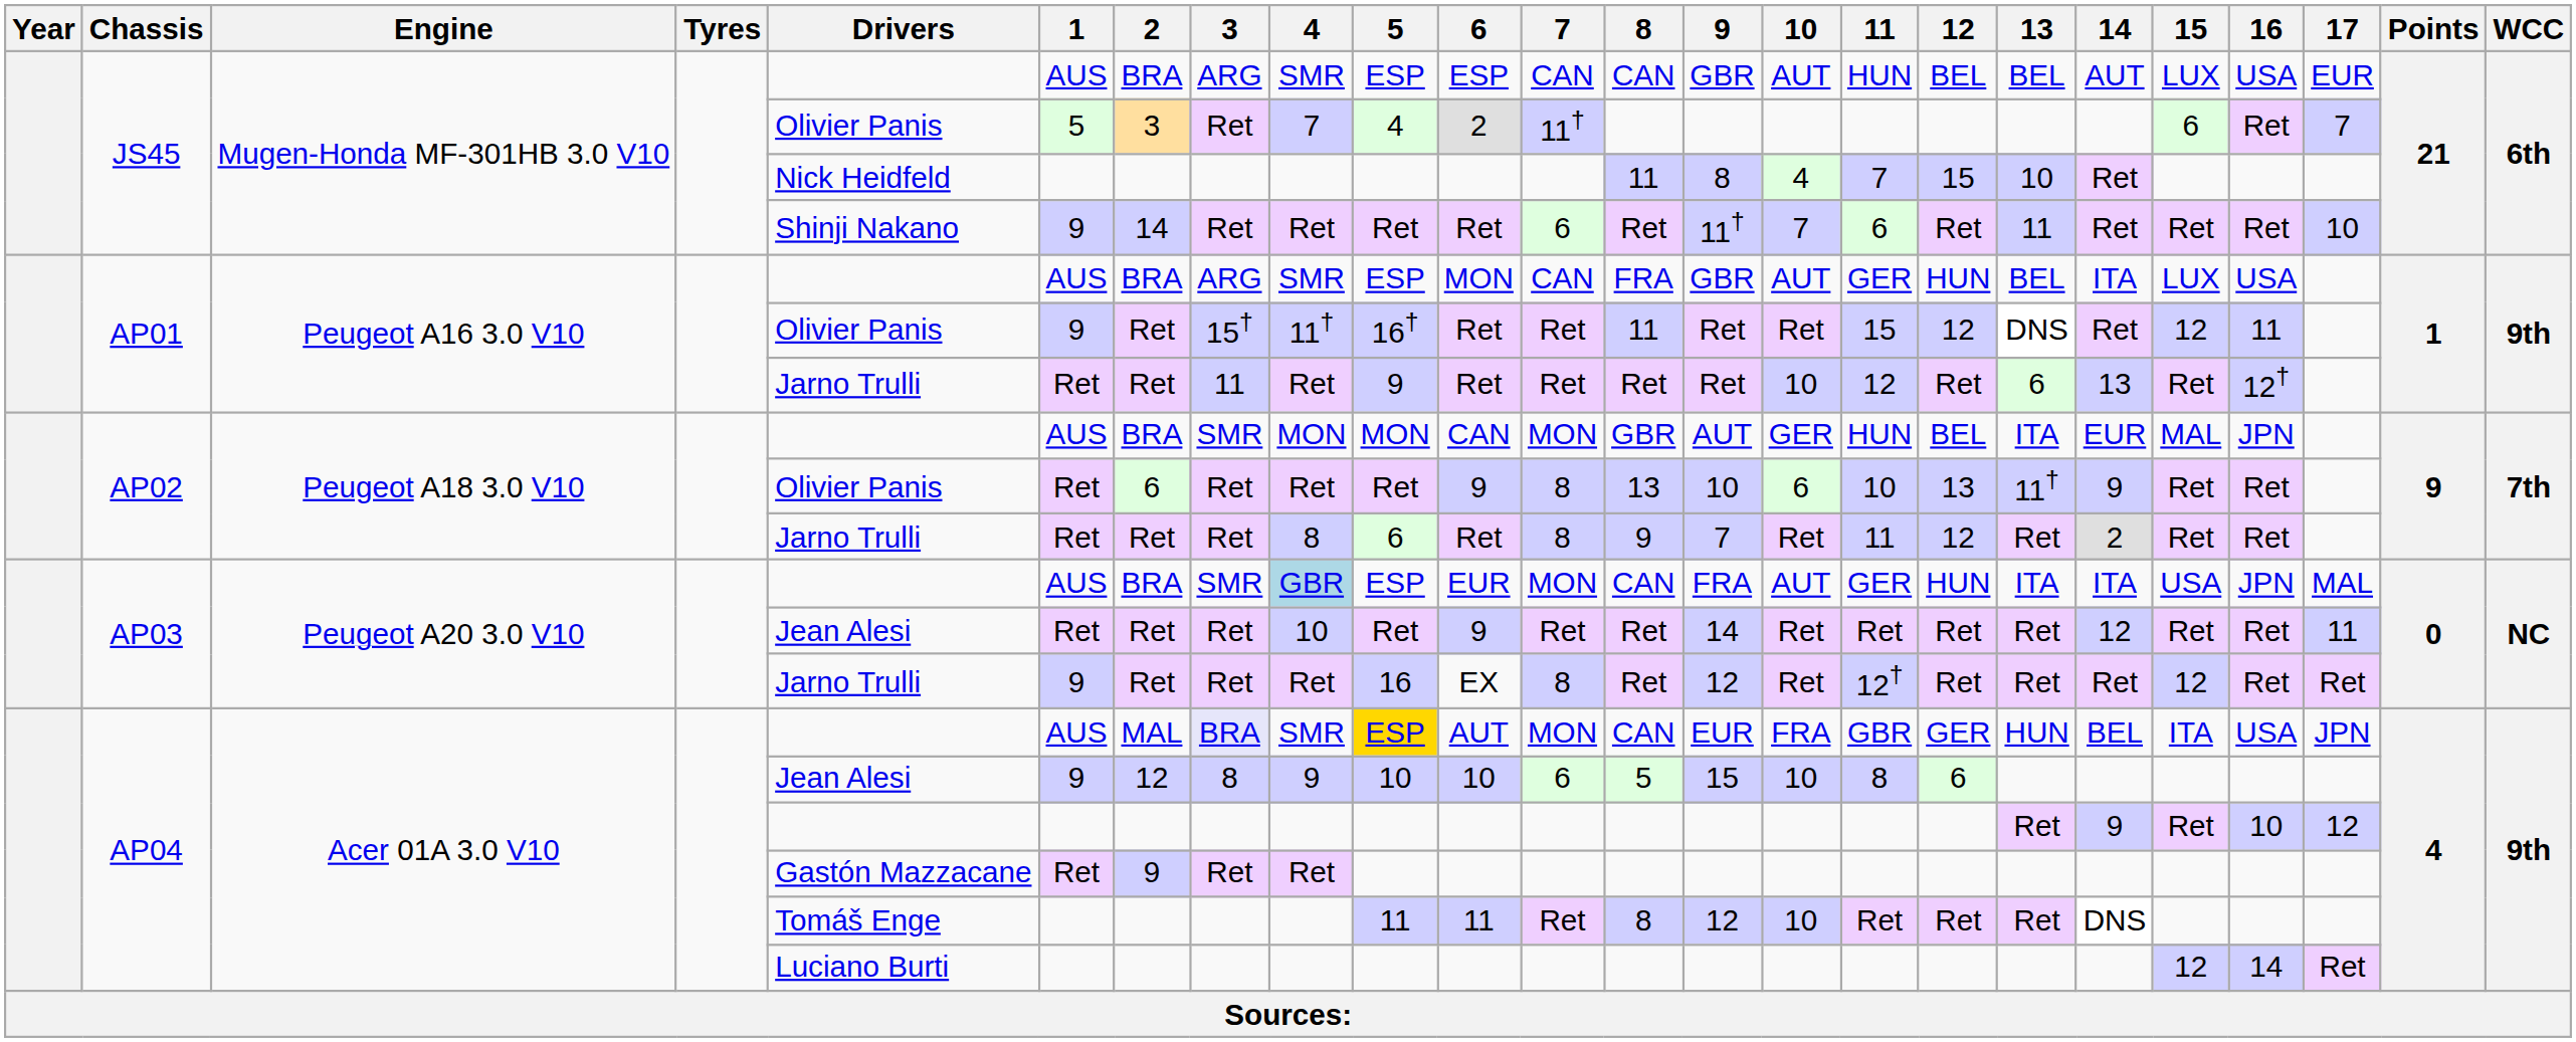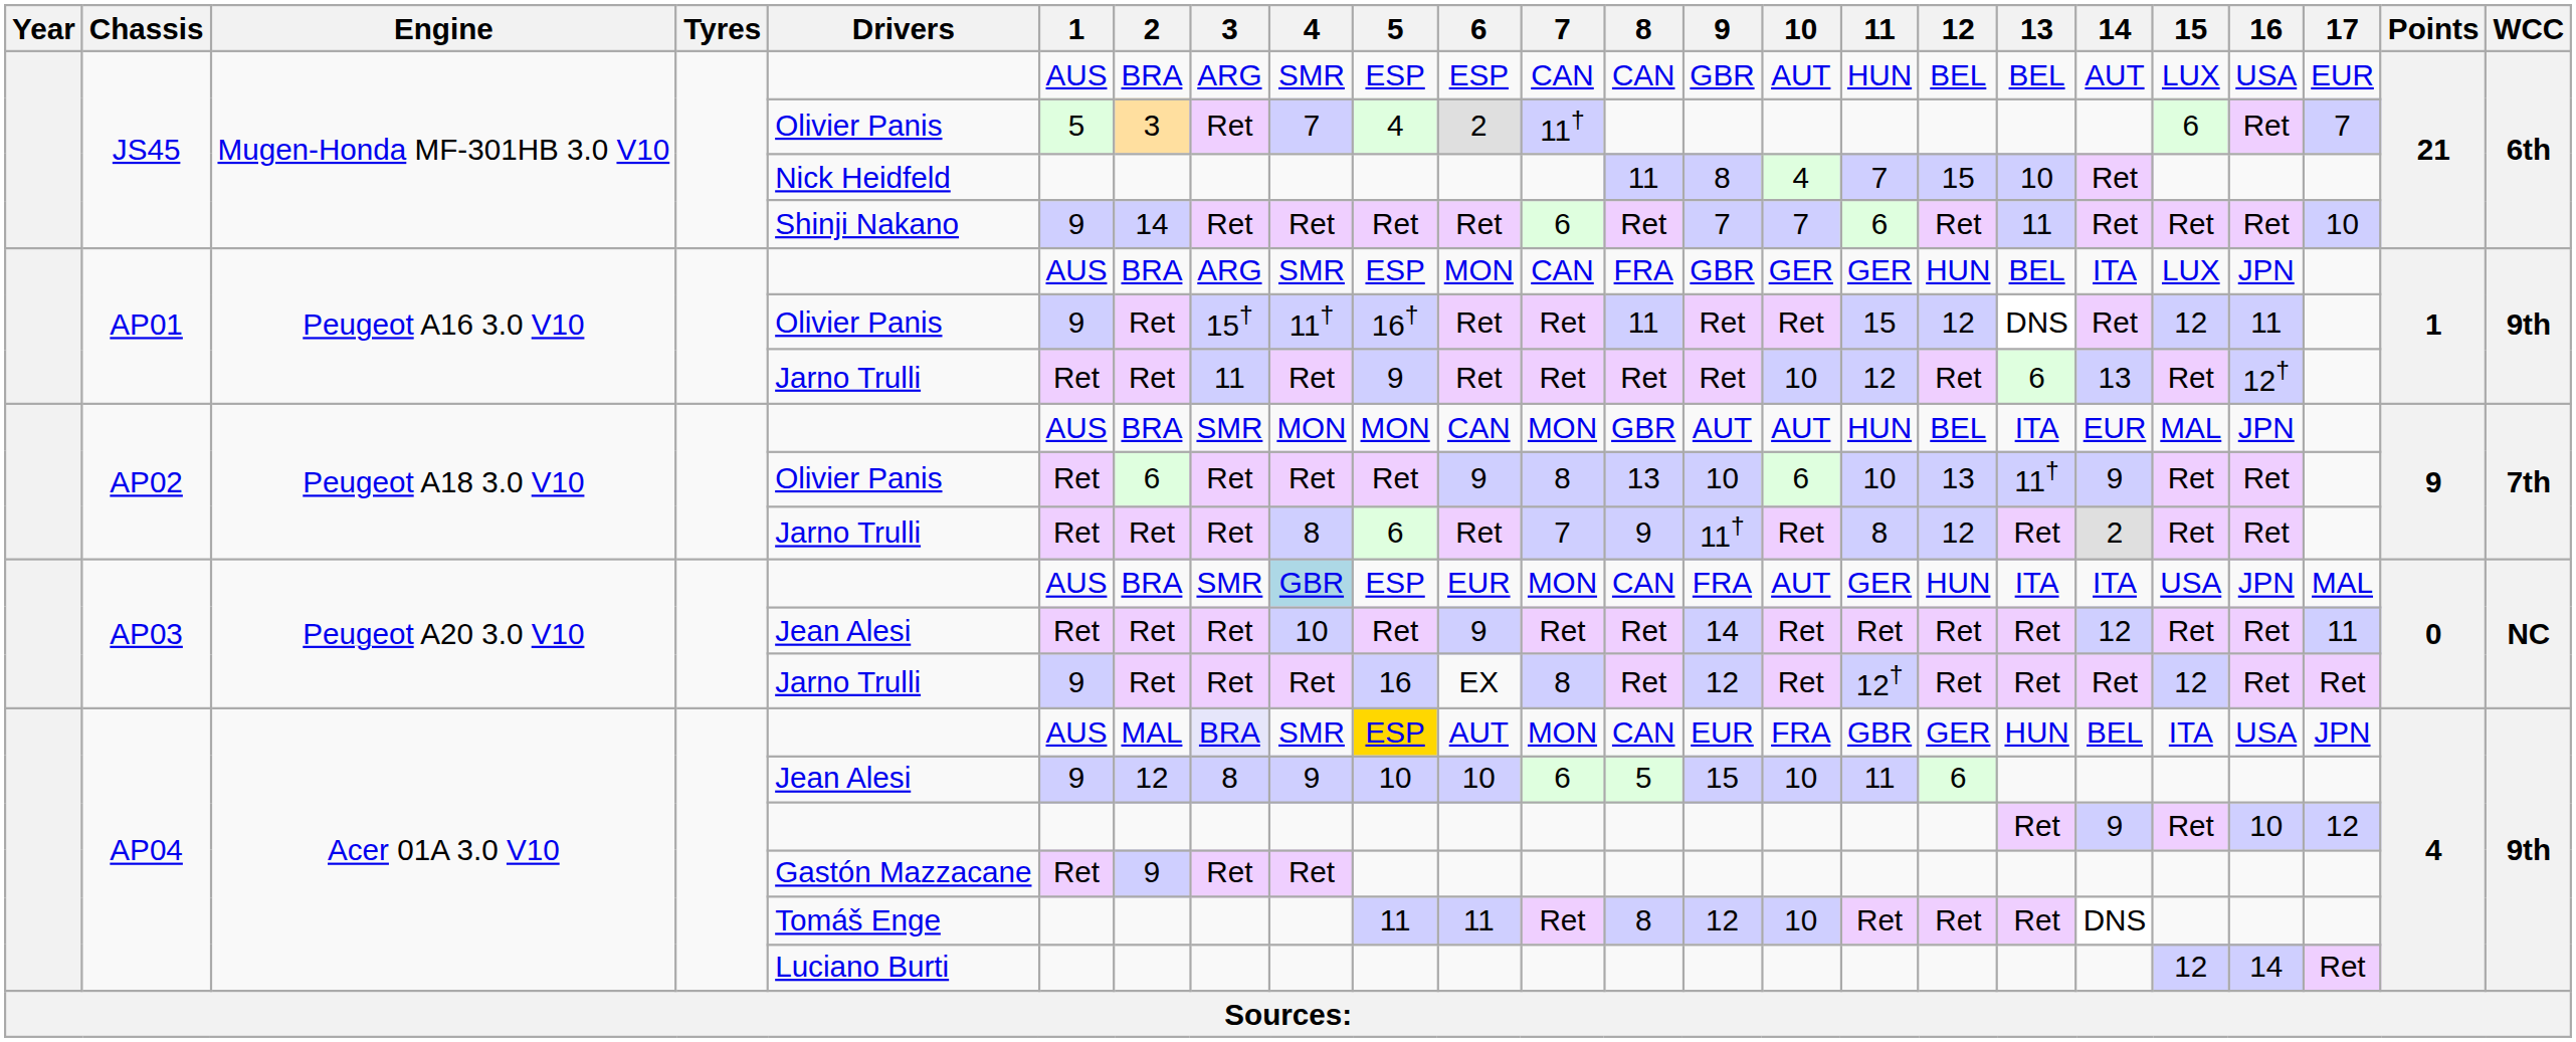 <table class="wikitable" style="text-align:center; font-size:85%">
 <tr>
 <th>Year</th>
 <th>Chassis</th>
 <th>Engine</th>
 <th>Tyres</th>
 <th>Drivers</th>
 <th>1</th>
 <th>2</th>
 <th>3</th>
 <th>4</th>
 <th>5</th>
 <th>6</th>
 <th>7</th>
 <th>8</th>
 <th>9</th>
 <th>10</th>
 <th>11</th>
 <th>12</th>
 <th>13</th>
 <th>14</th>
 <th>15</th>
 <th>16</th>
 <th>17</th>
 <th>Points</th>
 <th>WCC</th>
 </tr>
 <tr>
 <th rowspan="4"></th>
 <td rowspan="4"><a href='#'>JS45</a></td>
 <td rowspan="4"><a href='#'>Mugen-Honda</a> MF-301HB 3.0 <a href='#'>V10</a></td>
 <td rowspan="4"></td>
 <td></td>
 <td><a href='#'>AUS</a></td>
 <td><a href='#'>BRA</a></td>
 <td><a href='#'>ARG</a></td>
 <td><a href='#'>SMR</a></td>
 <td><a href='#'>ESP</a></td>
 <td><a href='#'>ESP</a></td>
 <td><a href='#'>CAN</a></td>
 <td><a href='#'>CAN</a></td>
 <td><a href='#'>GBR</a></td>
 <td><a href='#'>AUT</a></td>
 <td><a href='#'>HUN</a></td>
 <td><a href='#'>BEL</a></td>
 <td><a href='#'>BEL</a></td>
 <td><a href='#'>AUT</a></td>
 <td><a href='#'>LUX</a></td>
 <td><a href='#'>USA</a></td>
 <td><a href='#'>EUR</a></td>
 <th rowspan="4">21</th>
 <th rowspan="4">6th</th>
 </tr>
 <tr>
 <td style="text-align:left"> <a href='#'>Olivier Panis</a></td>
 <td style="background:#DFFFDF">5</td>
 <td style="background:#FFDF9F">3</td>
 <td style="background:#EFCFFF">Ret</td>
 <td style="background:#CFCFFF">7</td>
 <td style="background:#DFFFDF">4</td>
 <td style="background:#DFDFDF">2</td>
 <td style="background:#CFCFFF">11<sup>†</sup></td>
 <td></td>
 <td></td>
 <td></td>
 <td></td>
 <td></td>
 <td></td>
 <td></td>
 <td style="background:#DFFFDF">6</td>
 <td style="background:#EFCFFF">Ret</td>
 <td style="background:#CFCFFF">7</td>
 </tr>
 <tr>
 <td style="text-align:left"> <a href='#'>Nick Heidfeld</a></td>
 <td></td>
 <td></td>
 <td></td>
 <td></td>
 <td></td>
 <td></td>
 <td></td>
 <td style="background:#CFCFFF">11</td>
 <td style="background:#CFCFFF">8</td>
 <td style="background:#DFFFDF">4</td>
 <td style="background:#CFCFFF">7</td>
 <td style="background:#CFCFFF">15</td>
 <td style="background:#CFCFFF">10</td>
 <td style="background:#EFCFFF">Ret</td>
 <td></td>
 <td></td>
 <td></td>
 </tr>
 <tr>
 <td style="text-align:left"> <a href='#'>Shinji Nakano</a></td>
 <td style="background:#CFCFFF">9</td>
 <td style="background:#CFCFFF">14</td>
 <td style="background:#EFCFFF">Ret</td>
 <td style="background:#EFCFFF">Ret</td>
 <td style="background:#EFCFFF">Ret</td>
 <td style="background:#EFCFFF">Ret</td>
 <td style="background:#DFFFDF">6</td>
 <td style="background:#EFCFFF">Ret</td>
-<td style="background:#CFCFFF">11<sup>†</sup></td>
+<td style="background:#CFCFFF">7</td>
 <td style="background:#CFCFFF">7</td>
 <td style="background:#DFFFDF">6</td>
 <td style="background:#EFCFFF">Ret</td>
 <td style="background:#CFCFFF">11</td>
 <td style="background:#EFCFFF">Ret</td>
 <td style="background:#EFCFFF">Ret</td>
 <td style="background:#EFCFFF">Ret</td>
 <td style="background:#CFCFFF">10</td>
 </tr>
 <tr>
 <th rowspan="3"></th>
 <td rowspan="3"><a href='#'>AP01</a></td>
 <td rowspan="3"><a href='#'>Peugeot</a> A16 3.0 <a href='#'>V10</a></td>
 <td rowspan="3"></td>
 <td></td>
 <td><a href='#'>AUS</a></td>
 <td><a href='#'>BRA</a></td>
 <td><a href='#'>ARG</a></td>
 <td><a href='#'>SMR</a></td>
 <td><a href='#'>ESP</a></td>
 <td><a href='#'>MON</a></td>
 <td><a href='#'>CAN</a></td>
 <td><a href='#'>FRA</a></td>
 <td><a href='#'>GBR</a></td>
-<td><a href='#'>AUT</a></td>
+<td><a href='#'>GER</a></td>
 <td><a href='#'>GER</a></td>
 <td><a href='#'>HUN</a></td>
 <td><a href='#'>BEL</a></td>
 <td><a href='#'>ITA</a></td>
 <td><a href='#'>LUX</a></td>
-<td><a href='#'>USA</a></td>
+<td><a href='#'>JPN</a></td>
 <td></td>
 <th rowspan="3">1</th>
 <th rowspan="3">9th</th>
 </tr>
 <tr>
 <td style="text-align:left"> <a href='#'>Olivier Panis</a></td>
 <td style="background:#CFCFFF">9</td>
 <td style="background:#EFCFFF">Ret</td>
 <td style="background:#CFCFFF">15<sup>†</sup></td>
 <td style="background:#CFCFFF">11<sup>†</sup></td>
 <td style="background:#CFCFFF">16<sup>†</sup></td>
 <td style="background:#EFCFFF">Ret</td>
 <td style="background:#EFCFFF">Ret</td>
 <td style="background:#CFCFFF">11</td>
 <td style="background:#EFCFFF">Ret</td>
 <td style="background:#EFCFFF">Ret</td>
 <td style="background:#CFCFFF">15</td>
 <td style="background:#CFCFFF">12</td>
 <td style="background:#ffffff">DNS</td>
 <td style="background:#EFCFFF">Ret</td>
 <td style="background:#CFCFFF">12</td>
 <td style="background:#CFCFFF">11</td>
 <td></td>
 </tr>
 <tr>
 <td style="text-align:left"> <a href='#'>Jarno Trulli</a></td>
 <td style="background:#EFCFFF">Ret</td>
 <td style="background:#EFCFFF">Ret</td>
 <td style="background:#CFCFFF">11</td>
 <td style="background:#EFCFFF">Ret</td>
 <td style="background:#CFCFFF">9</td>
 <td style="background:#EFCFFF">Ret</td>
 <td style="background:#EFCFFF">Ret</td>
 <td style="background:#EFCFFF">Ret</td>
 <td style="background:#EFCFFF">Ret</td>
 <td style="background:#CFCFFF">10</td>
 <td style="background:#CFCFFF">12</td>
 <td style="background:#EFCFFF">Ret</td>
 <td style="background:#DFFFDF">6</td>
 <td style="background:#CFCFFF">13</td>
 <td style="background:#EFCFFF">Ret</td>
 <td style="background:#CFCFFF">12<sup>†</sup></td>
 <td></td>
 </tr>
 <tr>
 <th rowspan="3"></th>
 <td rowspan="3"><a href='#'>AP02</a></td>
 <td rowspan="3"><a href='#'>Peugeot</a> A18 3.0 <a href='#'>V10</a></td>
 <td rowspan="3"></td>
 <td></td>
 <td><a href='#'>AUS</a></td>
 <td><a href='#'>BRA</a></td>
 <td><a href='#'>SMR</a></td>
 <td><a href='#'>MON</a></td>
 <td><a href='#'>MON</a></td>
 <td><a href='#'>CAN</a></td>
 <td><a href='#'>MON</a></td>
 <td><a href='#'>GBR</a></td>
 <td><a href='#'>AUT</a></td>
-<td><a href='#'>GER</a></td>
+<td><a href='#'>AUT</a></td>
 <td><a href='#'>HUN</a></td>
 <td><a href='#'>BEL</a></td>
 <td><a href='#'>ITA</a></td>
 <td><a href='#'>EUR</a></td>
 <td><a href='#'>MAL</a></td>
 <td><a href='#'>JPN</a></td>
 <td></td>
 <th rowspan="3">9</th>
 <th rowspan="3">7th</th>
 </tr>
 <tr>
 <td style="text-align:left"> <a href='#'>Olivier Panis</a></td>
 <td style="background:#EFCFFF">Ret</td>
 <td style="background:#DFFFDF">6</td>
 <td style="background:#EFCFFF">Ret</td>
 <td style="background:#EFCFFF">Ret</td>
 <td style="background:#EFCFFF">Ret</td>
 <td style="background:#CFCFFF">9</td>
 <td style="background:#CFCFFF">8</td>
 <td style="background:#CFCFFF">13</td>
 <td style="background:#CFCFFF">10</td>
 <td style="background:#DFFFDF">6</td>
 <td style="background:#CFCFFF">10</td>
 <td style="background:#CFCFFF">13</td>
 <td style="background:#CFCFFF">11<sup>†</sup></td>
 <td style="background:#CFCFFF">9</td>
 <td style="background:#EFCFFF">Ret</td>
 <td style="background:#EFCFFF">Ret</td>
 <td></td>
 </tr>
 <tr>
 <td style="text-align:left"> <a href='#'>Jarno Trulli</a></td>
 <td style="background:#EFCFFF">Ret</td>
 <td style="background:#EFCFFF">Ret</td>
 <td style="background:#EFCFFF">Ret</td>
 <td style="background:#CFCFFF">8</td>
 <td style="background:#DFFFDF">6</td>
 <td style="background:#EFCFFF">Ret</td>
+<td style="background:#CFCFFF">7</td>
+<td style="background:#CFCFFF">9</td>
+<td style="background:#CFCFFF">11<sup>†</sup></td>
+<td style="background:#EFCFFF">Ret</td>
 <td style="background:#CFCFFF">8</td>
-<td style="background:#CFCFFF">9</td>
-<td style="background:#CFCFFF">7</td>
-<td style="background:#EFCFFF">Ret</td>
-<td style="background:#CFCFFF">11</td>
 <td style="background:#CFCFFF">12</td>
 <td style="background:#EFCFFF">Ret</td>
 <td style="background:#DFDFDF">2</td>
 <td style="background:#EFCFFF">Ret</td>
 <td style="background:#EFCFFF">Ret</td>
 <td></td>
 </tr>
 <tr>
 <th rowspan="3"></th>
 <td rowspan="3"><a href='#'>AP03</a></td>
 <td rowspan="3"><a href='#'>Peugeot</a> A20 3.0 <a href='#'>V10</a></td>
 <td rowspan="3"></td>
 <td></td>
 <td><a href='#'>AUS</a></td>
 <td><a href='#'>BRA</a></td>
 <td><a href='#'>SMR</a></td>
 <td style="background: lightblue;"><a href='#'>GBR</a></td>
 <td><a href='#'>ESP</a></td>
 <td><a href='#'>EUR</a></td>
 <td><a href='#'>MON</a></td>
 <td><a href='#'>CAN</a></td>
 <td><a href='#'>FRA</a></td>
 <td><a href='#'>AUT</a></td>
 <td><a href='#'>GER</a></td>
 <td><a href='#'>HUN</a></td>
 <td><a href='#'>ITA</a></td>
 <td><a href='#'>ITA</a></td>
 <td><a href='#'>USA</a></td>
 <td><a href='#'>JPN</a></td>
 <td><a href='#'>MAL</a></td>
 <th rowspan="3">0</th>
 <th rowspan="3">NC</th>
 </tr>
 <tr>
 <td style="text-align:left"> <a href='#'>Jean Alesi</a></td>
 <td style="background:#EFCFFF">Ret</td>
 <td style="background:#EFCFFF">Ret</td>
 <td style="background:#EFCFFF">Ret</td>
 <td style="background:#CFCFFF">10</td>
 <td style="background:#EFCFFF">Ret</td>
 <td style="background:#CFCFFF">9</td>
 <td style="background:#EFCFFF">Ret</td>
 <td style="background:#EFCFFF">Ret</td>
 <td style="background:#CFCFFF">14</td>
 <td style="background:#EFCFFF">Ret</td>
 <td style="background:#EFCFFF">Ret</td>
 <td style="background:#EFCFFF">Ret</td>
 <td style="background:#EFCFFF">Ret</td>
 <td style="background:#CFCFFF">12</td>
 <td style="background:#EFCFFF">Ret</td>
 <td style="background:#EFCFFF">Ret</td>
 <td style="background:#CFCFFF">11</td>
 </tr>
 <tr>
 <td style="text-align:left"> <a href='#'>Jarno Trulli</a></td>
 <td style="background:#CFCFFF">9</td>
 <td style="background:#EFCFFF">Ret</td>
 <td style="background:#EFCFFF">Ret</td>
 <td style="background:#EFCFFF">Ret</td>
 <td style="background:#CFCFFF">16</td>
 <td>EX</td>
 <td style="background:#CFCFFF">8</td>
 <td style="background:#EFCFFF">Ret</td>
 <td style="background:#CFCFFF">12</td>
 <td style="background:#EFCFFF">Ret</td>
 <td style="background:#CFCFFF">12<sup>†</sup></td>
 <td style="background:#EFCFFF">Ret</td>
 <td style="background:#EFCFFF">Ret</td>
 <td style="background:#EFCFFF">Ret</td>
 <td style="background:#CFCFFF">12</td>
 <td style="background:#EFCFFF">Ret</td>
 <td style="background:#EFCFFF">Ret</td>
 </tr>
 <tr>
 <th rowspan="6"></th>
 <td rowspan="6"><a href='#'>AP04</a></td>
 <td rowspan="6"><a href='#'>Acer</a> 01A 3.0 <a href='#'>V10</a></td>
 <td rowspan="6"></td>
 <td></td>
 <td><a href='#'>AUS</a></td>
 <td><a href='#'>MAL</a></td>
 <td style="background: lavender;"><a href='#'>BRA</a></td>
 <td><a href='#'>SMR</a></td>
 <td style="background: gold;"><a href='#'>ESP</a></td>
 <td><a href='#'>AUT</a></td>
 <td><a href='#'>MON</a></td>
 <td><a href='#'>CAN</a></td>
 <td><a href='#'>EUR</a></td>
 <td><a href='#'>FRA</a></td>
 <td><a href='#'>GBR</a></td>
 <td><a href='#'>GER</a></td>
 <td><a href='#'>HUN</a></td>
 <td><a href='#'>BEL</a></td>
 <td><a href='#'>ITA</a></td>
 <td><a href='#'>USA</a></td>
 <td><a href='#'>JPN</a></td>
 <th rowspan="6">4</th>
 <th rowspan="6">9th</th>
 </tr>
 <tr>
 <td style="text-align:left"> <a href='#'>Jean Alesi</a></td>
 <td style="background:#CFCFFF">9</td>
 <td style="background:#CFCFFF">12</td>
 <td style="background:#CFCFFF">8</td>
 <td style="background:#CFCFFF">9</td>
 <td style="background:#CFCFFF">10</td>
 <td style="background:#CFCFFF">10</td>
 <td style="background:#DFFFDF">6</td>
 <td style="background:#DFFFDF">5</td>
 <td style="background:#CFCFFF">15</td>
 <td style="background:#CFCFFF">10</td>
-<td style="background:#CFCFFF">8</td>
+<td style="background:#CFCFFF">11</td>
 <td style="background:#DFFFDF">6</td>
 <td></td>
 <td></td>
 <td></td>
 <td></td>
 <td></td>
 </tr>
 <tr>
 <td style="text-align:left"></td>
 <td></td>
 <td></td>
 <td></td>
 <td></td>
 <td></td>
 <td></td>
 <td></td>
 <td></td>
 <td></td>
 <td></td>
 <td></td>
 <td></td>
 <td style="background:#EFCFFF">Ret</td>
 <td style="background:#CFCFFF">9</td>
 <td style="background:#EFCFFF">Ret</td>
 <td style="background:#CFCFFF">10</td>
 <td style="background:#CFCFFF">12</td>
 </tr>
 <tr>
 <td style="text-align:left"> <a href='#'>Gastón Mazzacane</a></td>
 <td style="background:#EFCFFF">Ret</td>
 <td style="background:#CFCFFF">9</td>
 <td style="background:#EFCFFF">Ret</td>
 <td style="background:#EFCFFF">Ret</td>
 <td></td>
 <td></td>
 <td></td>
 <td></td>
 <td></td>
 <td></td>
 <td></td>
 <td></td>
 <td></td>
 <td></td>
 <td></td>
 <td></td>
 <td></td>
 </tr>
 <tr>
 <td style="text-align:left"> <a href='#'>Tomáš Enge</a></td>
 <td></td>
 <td></td>
 <td></td>
 <td></td>
 <td style="background:#CFCFFF">11</td>
 <td style="background:#CFCFFF">11</td>
 <td style="background:#EFCFFF">Ret</td>
 <td style="background:#CFCFFF">8</td>
 <td style="background:#CFCFFF">12</td>
 <td style="background:#CFCFFF">10</td>
 <td style="background:#EFCFFF">Ret</td>
 <td style="background:#EFCFFF">Ret</td>
 <td style="background:#EFCFFF">Ret</td>
 <td style="background:#FFF">DNS</td>
 <td></td>
 <td></td>
 <td></td>
 </tr>
 <tr>
 <td style="text-align:left"> <a href='#'>Luciano Burti</a></td>
 <td></td>
 <td></td>
 <td></td>
 <td></td>
 <td></td>
 <td></td>
 <td></td>
 <td></td>
 <td></td>
 <td></td>
 <td></td>
 <td></td>
 <td></td>
 <td></td>
 <td style="background:#CFCFFF">12</td>
 <td style="background:#CFCFFF">14</td>
 <td style="background:#EFCFFF">Ret</td>
 </tr>
 <tr>
 <th colspan="24">Sources:</th>
 </tr>
 </table>
